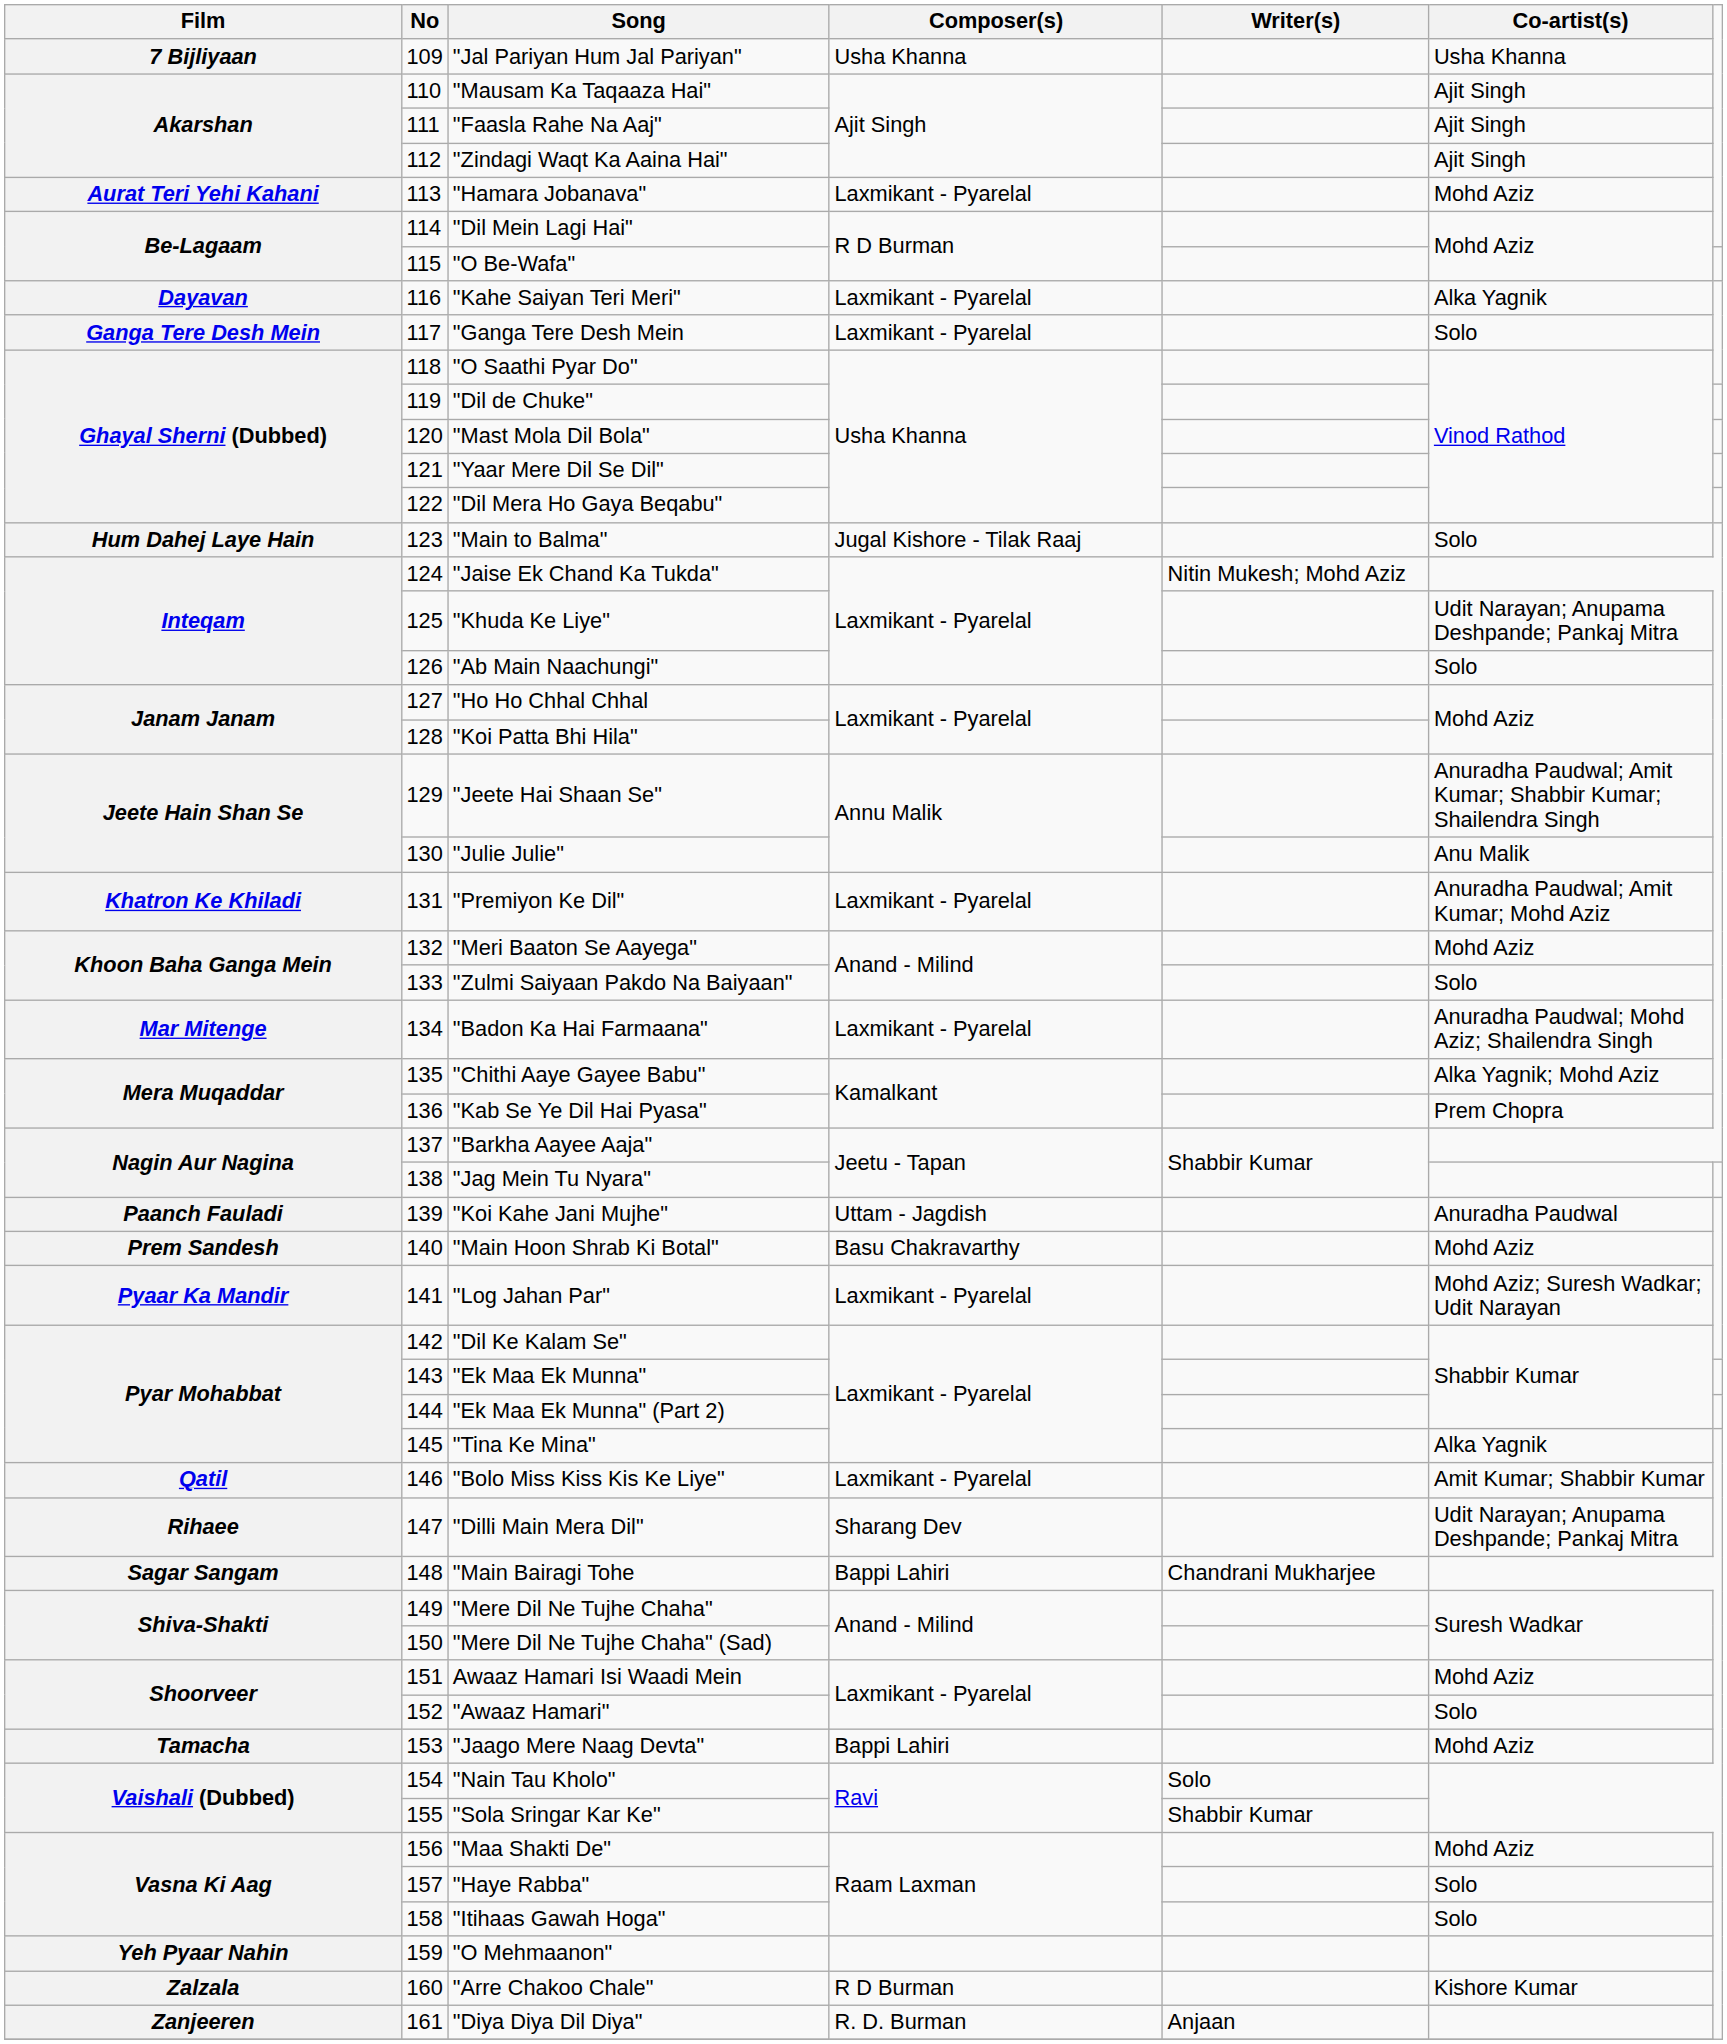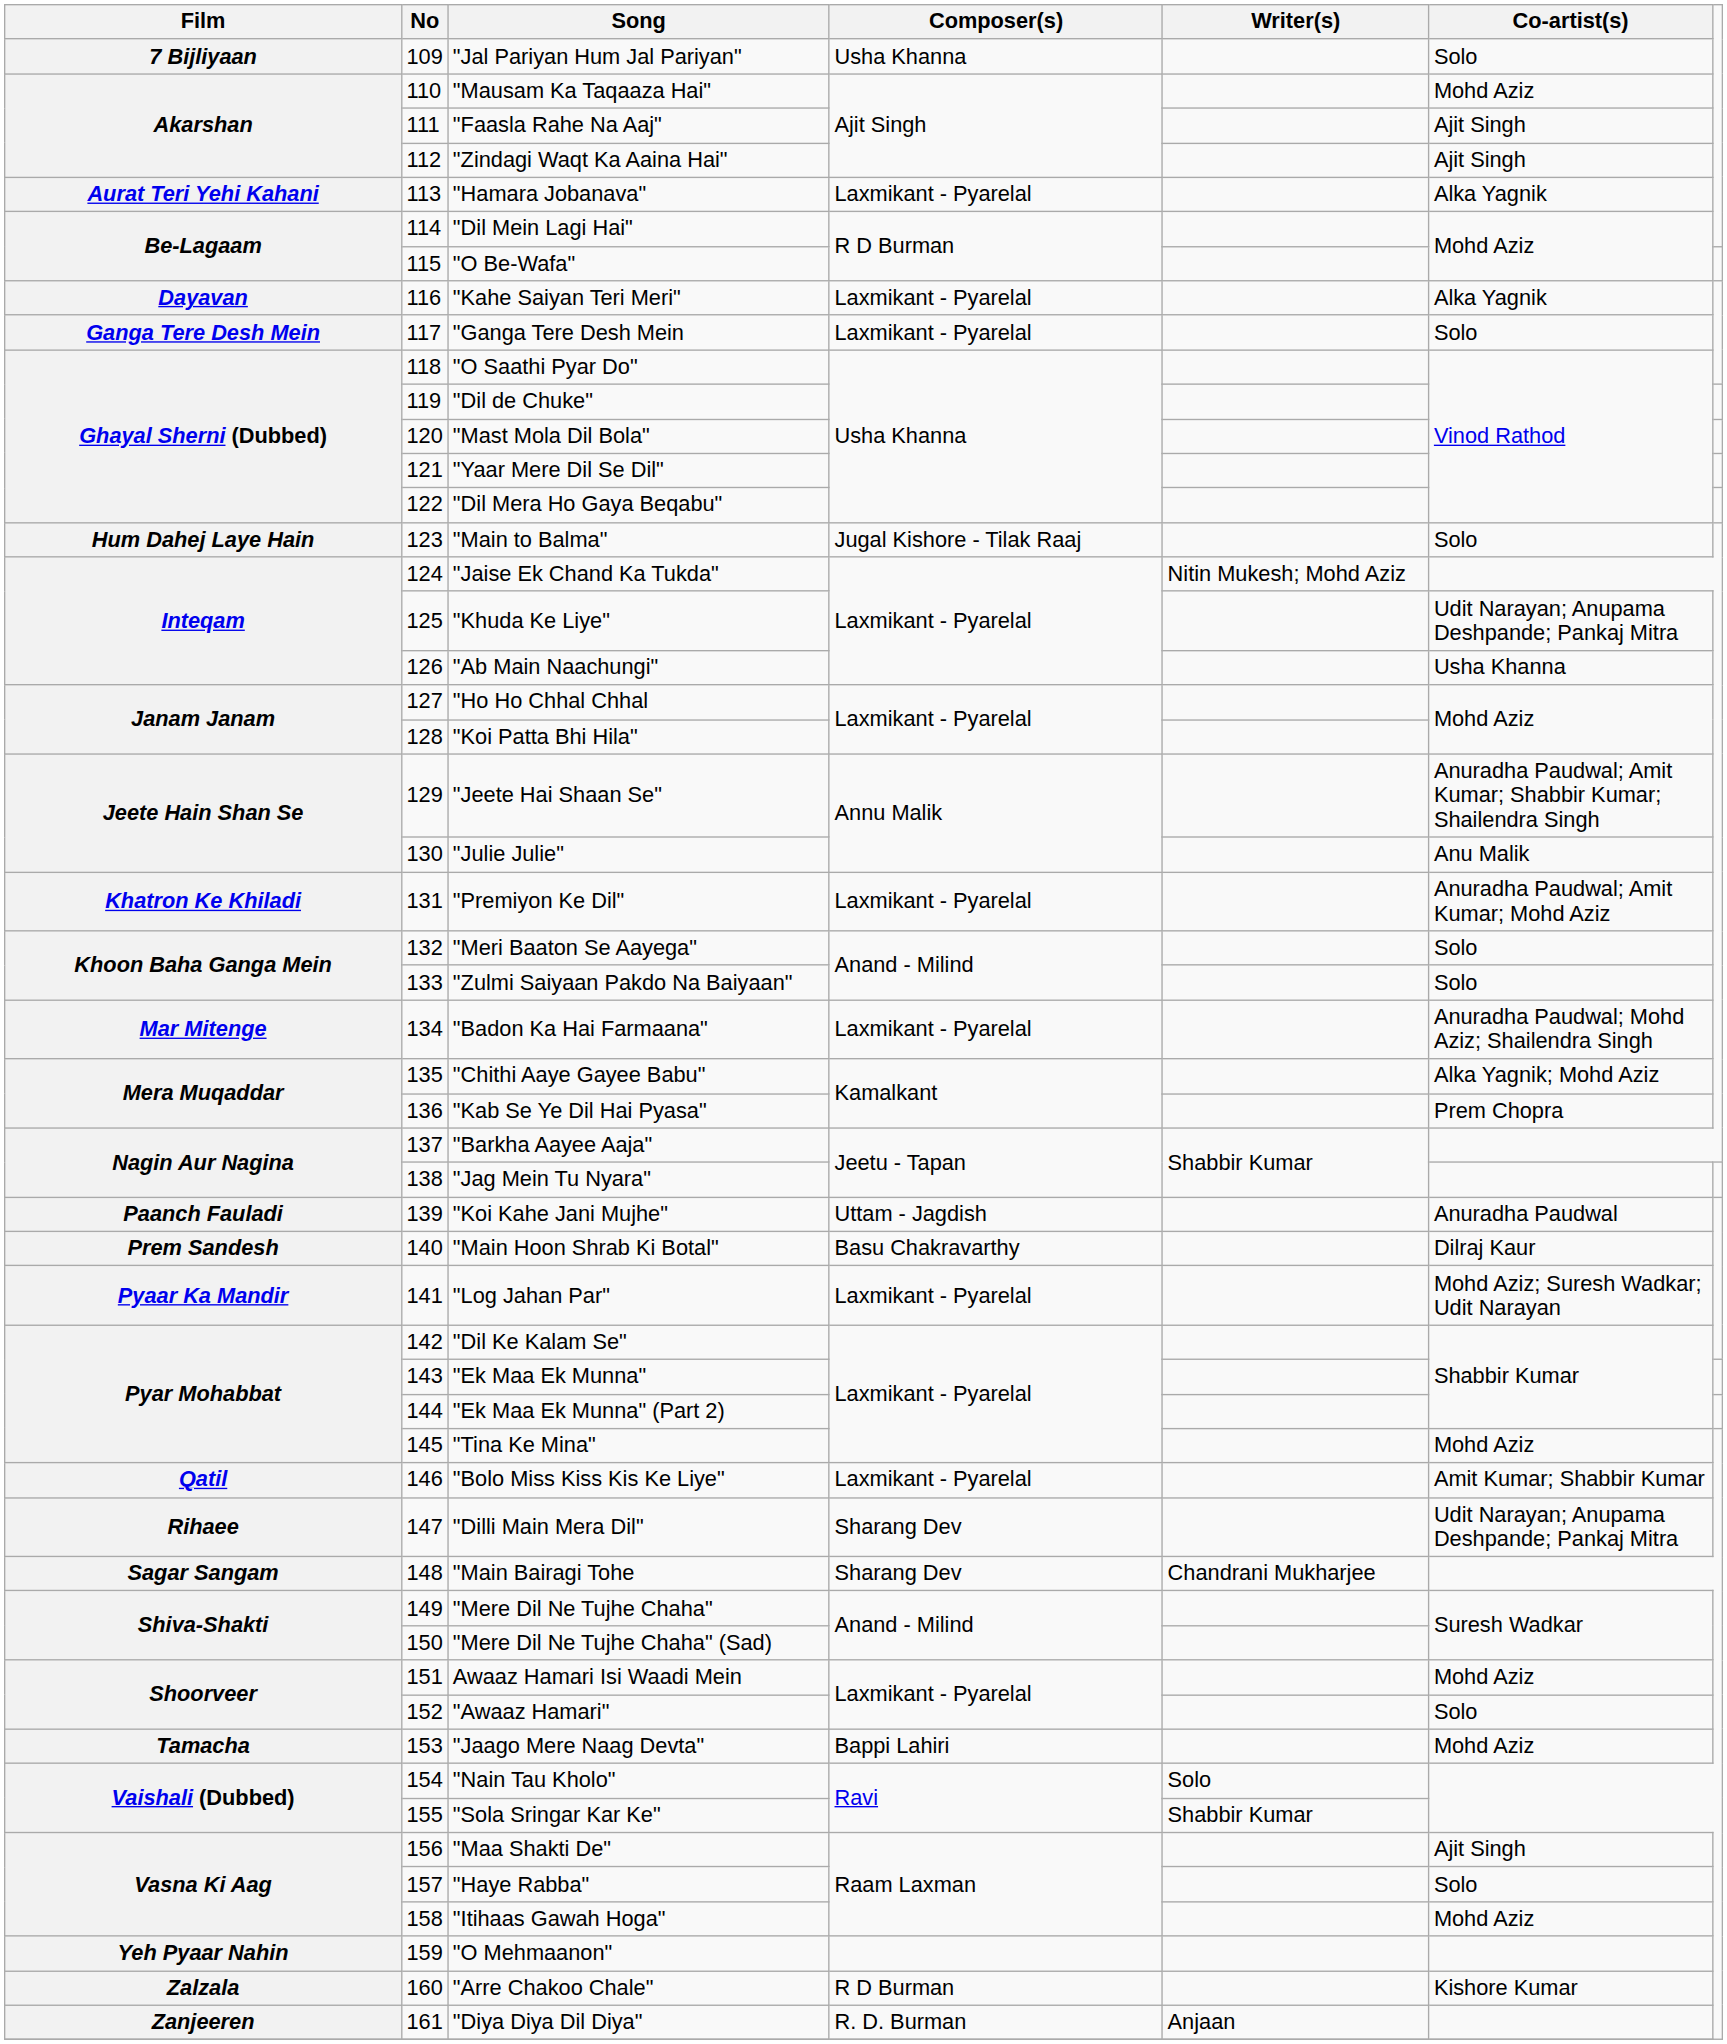 <table class="wikitable plainrowheaders" style="width:100%; textcolor:#000">
 <tr>
 <th scope="col" style="width:24%;">Film</th>
 <th>No</th>
 <th scope="col" style="width:23%;">Song</th>
 <th scope="col" style="width:20%;">Composer(s)</th>
 <th scope="col" style="width:16%;">Writer(s)</th>
 <th scope="col" style="width:18%;">Co-artist(s)</th>
 </tr>
 <tr>
 <th><em>7 Bijliyaan</em></th>
 <td>109</td>
 <td>"Jal Pariyan Hum Jal Pariyan"</td>
 <td>Usha Khanna</td>
 <td></td>
-<td>Usha Khanna</td>
+<td>Solo</td>
 </tr>
 <tr>
 <th rowspan=3><em>Akarshan</em></th>
 <td>110</td>
 <td>"Mausam Ka Taqaaza Hai"</td>
 <td rowspan=3>Ajit Singh</td>
 <td></td>
-<td>Ajit Singh</td>
+<td>Mohd Aziz</td>
 </tr>
 <tr>
 <td>111</td>
 <td>"Faasla Rahe Na Aaj"</td>
 <td></td>
 <td>Ajit Singh</td>
 </tr>
 <tr>
 <td>112</td>
 <td>"Zindagi Waqt Ka Aaina Hai"</td>
 <td></td>
 <td>Ajit Singh</td>
 </tr>
 <tr>
 <th><em><a href='#'>Aurat Teri Yehi Kahani</a></em></th>
 <td>113</td>
 <td>"Hamara Jobanava"</td>
 <td>Laxmikant - Pyarelal</td>
 <td></td>
-<td>Mohd Aziz</td>
+<td>Alka Yagnik</td>
 </tr>
 <tr>
 <th rowspan=2><em>Be-Lagaam</em></th>
 <td>114</td>
 <td>"Dil Mein Lagi Hai"</td>
 <td rowspan=2>R D Burman</td>
 <td></td>
 <td rowspan=2>Mohd Aziz</td>
 </tr>
 <tr>
 <td>115</td>
 <td>"O Be-Wafa"</td>
 <td></td>
 <td></td>
 </tr>
 <tr>
 <th><em><a href='#'>Dayavan</a></em></th>
 <td>116</td>
 <td>"Kahe Saiyan Teri Meri"</td>
 <td>Laxmikant - Pyarelal</td>
 <td></td>
 <td>Alka Yagnik</td>
 </tr>
 <tr>
 <th><em><a href='#'>Ganga Tere Desh Mein</a></em></th>
 <td>117</td>
 <td>"Ganga Tere Desh Mein</td>
 <td>Laxmikant - Pyarelal</td>
 <td></td>
 <td>Solo</td>
 </tr>
 <tr>
 <th rowspan=5><em><a href='#'>Ghayal Sherni</a></em> (Dubbed)</th>
 <td>118</td>
 <td>"O Saathi Pyar Do"</td>
 <td rowspan=5>Usha Khanna</td>
 <td></td>
 <td rowspan=5><a href='#'>Vinod Rathod</a></td>
 </tr>
 <tr>
 <td>119</td>
 <td>"Dil de Chuke"</td>
 <td></td>
 <td></td>
 </tr>
 <tr>
 <td>120</td>
 <td>"Mast Mola Dil Bola"</td>
 <td></td>
 <td></td>
 </tr>
 <tr>
 <td>121</td>
 <td>"Yaar Mere Dil Se Dil"</td>
 <td></td>
 <td></td>
 </tr>
 <tr>
 <td>122</td>
 <td>"Dil Mera Ho Gaya Beqabu"</td>
 <td></td>
 <td></td>
 </tr>
 <tr>
 <th><em>Hum Dahej Laye Hain</em></th>
 <td>123</td>
 <td>"Main to Balma"</td>
 <td>Jugal Kishore - Tilak Raaj</td>
 <td></td>
 <td>Solo</td>
 </tr>
 <tr>
 <th rowspan=3><em><a href='#'>Inteqam</a></em></th>
 <td>124</td>
 <td>"Jaise Ek Chand Ka Tukda"</td>
 <td rowspan=3>Laxmikant - Pyarelal</td>
 <td>Nitin Mukesh; Mohd Aziz</td>
 </tr>
 <tr>
 <td>125</td>
 <td>"Khuda Ke Liye"</td>
 <td></td>
 <td>Udit Narayan; Anupama Deshpande; Pankaj Mitra</td>
 </tr>
 <tr>
 <td>126</td>
 <td>"Ab Main Naachungi"</td>
 <td></td>
-<td>Solo</td>
+<td>Usha Khanna</td>
 </tr>
 <tr>
 <th rowspan=2><em>Janam Janam</em></th>
 <td>127</td>
 <td>"Ho Ho Chhal Chhal</td>
 <td rowspan=2>Laxmikant - Pyarelal</td>
 <td></td>
 <td rowspan=2>Mohd Aziz</td>
 </tr>
 <tr>
 <td>128</td>
 <td>"Koi Patta Bhi Hila"</td>
 <td></td>
 </tr>
 <tr>
 <th rowspan=2><em>Jeete Hain Shan Se</em></th>
 <td>129</td>
 <td>"Jeete Hai Shaan Se"</td>
 <td rowspan=2>Annu Malik</td>
 <td></td>
 <td>Anuradha Paudwal;  Amit Kumar; Shabbir Kumar; Shailendra Singh</td>
 </tr>
 <tr>
 <td>130</td>
 <td>"Julie Julie"</td>
 <td></td>
 <td>Anu Malik</td>
 </tr>
 <tr>
 <th><em><a href='#'>Khatron Ke Khiladi</a></em></th>
 <td>131</td>
 <td>"Premiyon Ke Dil"</td>
 <td>Laxmikant - Pyarelal</td>
 <td></td>
 <td>Anuradha Paudwal;  Amit Kumar; Mohd Aziz</td>
 </tr>
 <tr>
 <th rowspan=2><em>Khoon Baha Ganga Mein</em></th>
 <td>132</td>
 <td>"Meri Baaton Se Aayega"</td>
 <td rowspan=2>Anand - Milind</td>
 <td></td>
-<td>Mohd Aziz</td>
+<td>Solo</td>
 </tr>
 <tr>
 <td>133</td>
 <td>"Zulmi Saiyaan Pakdo Na Baiyaan"</td>
 <td></td>
 <td>Solo</td>
 </tr>
 <tr>
 <th><em><a href='#'>Mar Mitenge</a></em></th>
 <td>134</td>
 <td>"Badon Ka Hai Farmaana"</td>
 <td>Laxmikant - Pyarelal</td>
 <td></td>
 <td>Anuradha Paudwal;  Mohd Aziz; Shailendra Singh</td>
 </tr>
 <tr>
 <th rowspan=2><em>Mera Muqaddar</em></th>
 <td>135</td>
 <td>"Chithi Aaye Gayee Babu"</td>
 <td rowspan=2>Kamalkant</td>
 <td></td>
 <td>Alka Yagnik;  Mohd Aziz</td>
 </tr>
 <tr>
 <td>136</td>
 <td>"Kab Se Ye Dil Hai Pyasa"</td>
 <td></td>
 <td>Prem Chopra</td>
 </tr>
 <tr>
 <th rowspan=2><em>Nagin Aur Nagina</em></th>
 <td>137</td>
 <td>"Barkha Aayee Aaja"</td>
 <td rowspan=2>Jeetu - Tapan</td>
 <td rowspan=2>Shabbir Kumar</td>
 </tr>
 <tr>
 <td>138</td>
 <td>"Jag Mein Tu Nyara"</td>
 <td></td>
 <td></td>
 </tr>
 <tr>
 <th><em>Paanch Fauladi</em></th>
 <td>139</td>
 <td>"Koi Kahe Jani Mujhe"</td>
 <td>Uttam - Jagdish</td>
 <td></td>
 <td>Anuradha Paudwal</td>
 </tr>
 <tr>
 <th><em>Prem Sandesh</em></th>
 <td>140</td>
 <td>"Main Hoon Shrab Ki Botal"</td>
 <td>Basu Chakravarthy</td>
 <td></td>
-<td>Mohd Aziz</td>
+<td>Dilraj Kaur</td>
 </tr>
 <tr>
 <th><em><a href='#'>Pyaar Ka Mandir</a></em></th>
 <td>141</td>
 <td>"Log Jahan Par"</td>
 <td>Laxmikant - Pyarelal</td>
 <td></td>
 <td>Mohd Aziz; Suresh Wadkar; Udit Narayan</td>
 </tr>
 <tr>
 <th rowspan=4><em>Pyar Mohabbat</em></th>
 <td>142</td>
 <td>"Dil Ke Kalam Se"</td>
 <td rowspan=4>Laxmikant - Pyarelal</td>
 <td></td>
 <td rowspan=3>Shabbir Kumar</td>
 </tr>
 <tr>
 <td>143</td>
 <td>"Ek Maa Ek Munna"</td>
 <td></td>
 <td></td>
 </tr>
 <tr>
 <td>144</td>
 <td>"Ek Maa Ek Munna" (Part 2)</td>
 <td></td>
 <td></td>
 </tr>
 <tr>
 <td>145</td>
 <td>"Tina Ke Mina"</td>
 <td></td>
-<td>Alka Yagnik</td>
+<td>Mohd Aziz</td>
 </tr>
 <tr>
 <th><em><a href='#'>Qatil</a></em></th>
 <td>146</td>
 <td>"Bolo Miss Kiss Kis Ke Liye"</td>
 <td>Laxmikant - Pyarelal</td>
 <td></td>
 <td>Amit Kumar; Shabbir Kumar</td>
 </tr>
 <tr>
 <th><em>Rihaee</em></th>
 <td>147</td>
 <td>"Dilli Main Mera Dil"</td>
 <td>Sharang Dev</td>
 <td></td>
 <td>Udit Narayan; Anupama Deshpande; Pankaj Mitra</td>
 </tr>
 <tr>
 <th><em>Sagar Sangam</em></th>
 <td>148</td>
 <td>"Main Bairagi Tohe</td>
-<td>Bappi Lahiri</td>
+<td>Sharang Dev</td>
 <td>Chandrani Mukharjee</td>
 </tr>
 <tr>
 <th rowspan=2><em>Shiva-Shakti</em></th>
 <td>149</td>
 <td>"Mere Dil Ne Tujhe Chaha"</td>
 <td rowspan=2>Anand - Milind</td>
 <td></td>
 <td rowspan=2>Suresh Wadkar</td>
 </tr>
 <tr>
 <td>150</td>
 <td>"Mere Dil Ne Tujhe Chaha" (Sad)</td>
 <td></td>
 </tr>
 <tr>
 <th rowspan=2><em>Shoorveer</em></th>
 <td>151</td>
 <td>Awaaz Hamari Isi Waadi Mein</td>
 <td rowspan=2>Laxmikant - Pyarelal</td>
 <td></td>
 <td>Mohd Aziz</td>
 </tr>
 <tr>
 <td>152</td>
 <td>"Awaaz Hamari"</td>
 <td></td>
 <td>Solo</td>
 </tr>
 <tr>
 <th><em>Tamacha</em></th>
 <td>153</td>
 <td>"Jaago Mere Naag Devta"</td>
 <td>Bappi Lahiri</td>
 <td></td>
 <td>Mohd Aziz</td>
 </tr>
 <tr>
 <th rowspan="2"><a href='#'><em>Vaishali</em></a> (Dubbed)</th>
 <td>154</td>
 <td>"Nain Tau Kholo"</td>
 <td rowspan="2"><a href='#'>Ravi</a></td>
 <td>Solo</td>
 </tr>
 <tr>
 <td>155</td>
 <td>"Sola Sringar Kar Ke"</td>
 <td>Shabbir Kumar</td>
 </tr>
 <tr>
 <th rowspan=3><em>Vasna Ki Aag</em></th>
 <td>156</td>
 <td>"Maa Shakti De"</td>
 <td rowspan=3>Raam Laxman</td>
 <td></td>
-<td>Mohd Aziz</td>
+<td>Ajit Singh</td>
 </tr>
 <tr>
 <td>157</td>
 <td>"Haye Rabba"</td>
 <td></td>
 <td>Solo</td>
 </tr>
 <tr>
 <td>158</td>
 <td>"Itihaas Gawah Hoga"</td>
 <td></td>
-<td>Solo</td>
+<td>Mohd Aziz</td>
 </tr>
 <tr>
 <th><em>Yeh Pyaar Nahin</em></th>
 <td>159</td>
 <td>"O Mehmaanon"</td>
 <td></td>
 <td></td>
 <td></td>
 </tr>
 <tr>
 <th><em>Zalzala</em></th>
 <td>160</td>
 <td>"Arre Chakoo Chale"</td>
 <td>R D Burman</td>
 <td></td>
 <td>Kishore Kumar</td>
 </tr>
 <tr>
 <th><em>Zanjeeren</em></th>
 <td>161</td>
 <td>"Diya Diya Dil Diya"</td>
 <td>R. D. Burman</td>
 <td>Anjaan</td>
 <td></td>
 </tr>
 <tr>
 </tr>
 </table>
